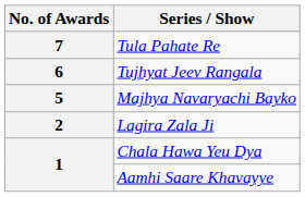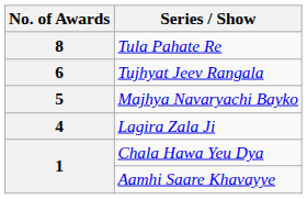 <table class="wikitable" style="display:inline-table;">
 <tr>
 <th>No. of Awards</th>
 <th>Series / Show</th>
 </tr>
 <tr>
-<th>7</th>
+<th>8</th>
 <td><em><a href='#'>Tula Pahate Re</a></em></td>
 </tr>
 <tr>
 <th>6</th>
 <td><em><a href='#'>Tujhyat Jeev Rangala</a></em></td>
 </tr>
 <tr>
 <th>5</th>
 <td><em><a href='#'>Majhya Navaryachi Bayko</a></em></td>
 </tr>
 <tr>
-<th>2</th>
+<th>4</th>
 <td><em><a href='#'>Lagira Zala Ji</a></em></td>
 </tr>
 <tr>
 <th rowspan="2">1</th>
 <td><em><a href='#'>Chala Hawa Yeu Dya</a></em></td>
 </tr>
 <tr>
 <td><em><a href='#'>Aamhi Saare Khavayye</a></em></td>
 </tr>
 </table>
